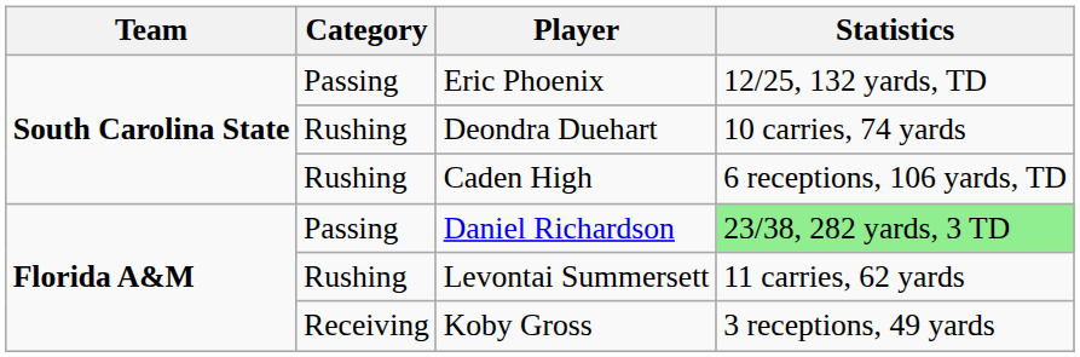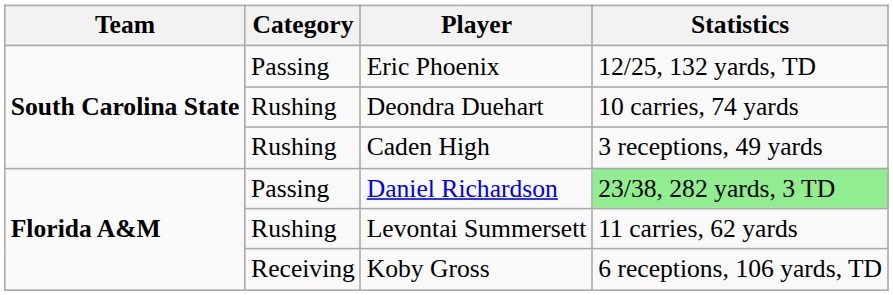 <table class="wikitable" style="float: right;">
 <tr>
 <th>Team</th>
 <th>Category</th>
 <th>Player</th>
 <th>Statistics</th>
 </tr>
 <tr>
 <td rowspan=3><strong>South Carolina State</strong></td>
 <td>Passing</td>
 <td>Eric Phoenix</td>
 <td>12/25, 132 yards, TD</td>
 </tr>
 <tr>
 <td>Rushing</td>
 <td>Deondra Duehart</td>
 <td>10 carries, 74 yards</td>
 </tr>
 <tr>
 <td>Rushing</td>
 <td>Caden High</td>
-<td>6 receptions, 106 yards, TD</td>
+<td>3 receptions, 49 yards</td>
 </tr>
 <tr>
 <td rowspan=3><strong>Florida A&M</strong></td>
 <td>Passing</td>
 <td><a href='#'>Daniel Richardson</a></td>
 <td style="background: lightgreen;">23/38, 282 yards, 3 TD</td>
 </tr>
 <tr>
 <td>Rushing</td>
 <td>Levontai Summersett</td>
 <td>11 carries, 62 yards</td>
 </tr>
 <tr>
 <td>Receiving</td>
 <td>Koby Gross</td>
-<td>3 receptions, 49 yards</td>
+<td>6 receptions, 106 yards, TD</td>
 </tr>
 </table>
